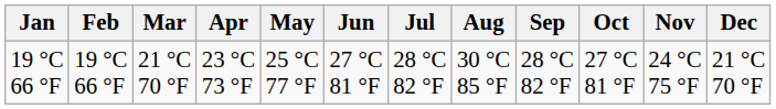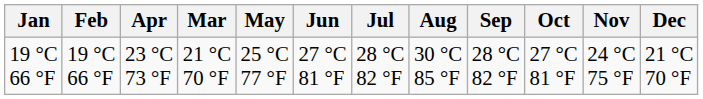 <table class="wikitable">
 <tr>
 <th><strong>Jan</strong></th>
 <th><strong>Feb</strong></th>
+<th><strong>Apr</strong></th>
 <th><strong>Mar</strong></th>
-<th><strong>Apr</strong></th>
 <th><strong>May</strong></th>
 <th><strong>Jun</strong></th>
 <th><strong>Jul</strong></th>
 <th><strong>Aug</strong></th>
 <th><strong>Sep</strong></th>
 <th><strong>Oct</strong></th>
 <th><strong>Nov</strong></th>
 <th><strong>Dec</strong></th>
 </tr>
 <tr>
 <td>19 °C<br>66 °F</td>
 <td>19 °C<br>66 °F</td>
+<td>23 °C<br>73 °F</td>
 <td>21 °C<br>70 °F</td>
-<td>23 °C<br>73 °F</td>
 <td>25 °C<br>77 °F</td>
 <td>27 °C<br>81 °F</td>
 <td>28 °C<br>82 °F</td>
 <td>30 °C<br>85 °F</td>
 <td>28 °C<br>82 °F</td>
 <td>27 °C<br>81 °F</td>
 <td>24 °C<br>75 °F</td>
 <td>21 °C<br>70 °F</td>
 </tr>
 </table>
